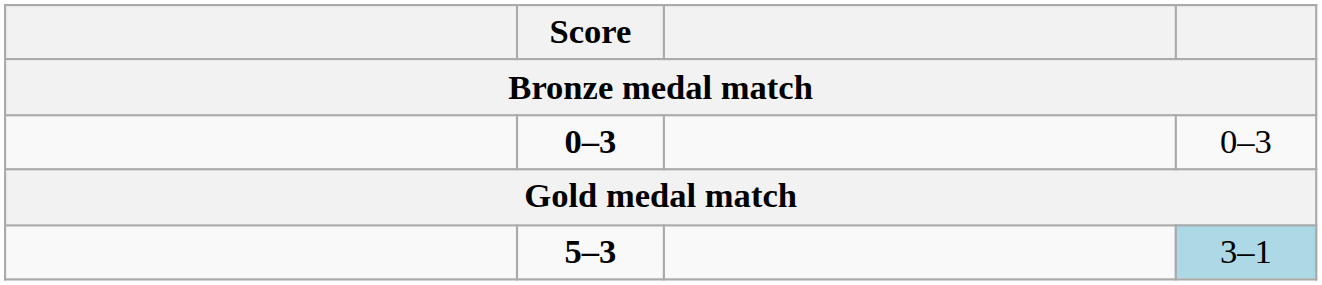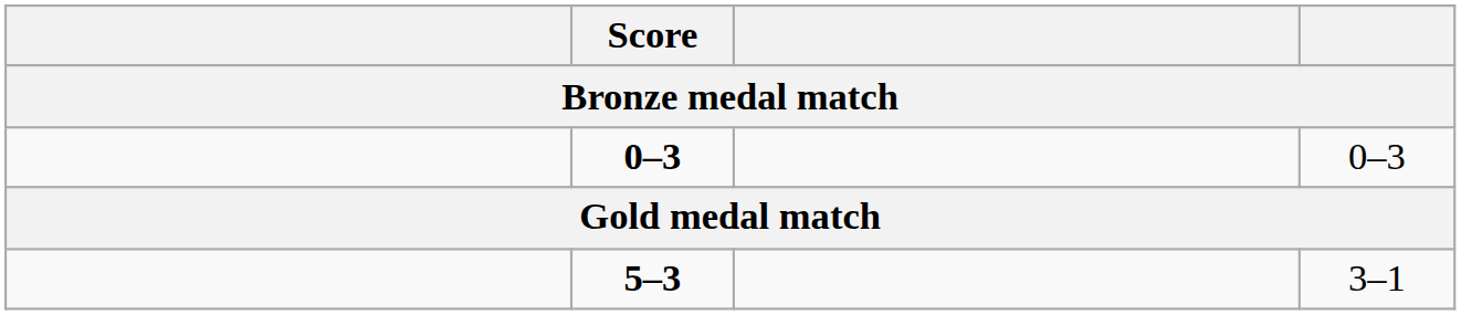 <table class="wikitable" style="text-align: left;">
 <tr>
 <th align="right" width="270"></th>
 <th width="65">Score</th>
 <th align="left" width="270"></th>
 <th width="65"></th>
 </tr>
 <tr>
 <th colspan=4>Bronze medal match</th>
 </tr>
 <tr>
 <td></td>
 <td align="center"><strong>0–3</strong></td>
 <td><strong></strong></td>
 <td align=center>0–3 <strong></strong></td>
 </tr>
 <tr>
 <th colspan=4>Gold medal match</th>
 </tr>
 <tr>
 <td><strong></strong></td>
 <td align="center"><strong>5–3</strong></td>
 <td></td>
-<td align=center style="background: lightblue;">3–1 <strong></strong></td>
+<td align=center>3–1 <strong></strong></td>
 </tr>
 </table>
